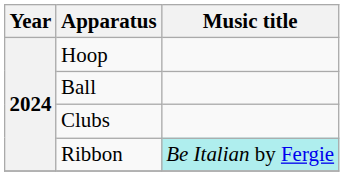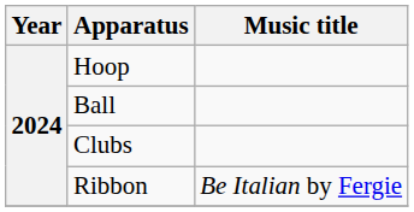 <table class="wikitable plainrowheaders">
 <tr>
 <th scope=col>Year</th>
 <th scope=col>Apparatus</th>
 <th scope=col>Music title</th>
 </tr>
 <tr>
 <th scope=row rowspan=4>2024</th>
 <td>Hoop</td>
 <td></td>
 </tr>
 <tr>
 <td>Ball</td>
 <td></td>
 </tr>
 <tr>
 <td>Clubs</td>
 <td></td>
 </tr>
 <tr>
 <td>Ribbon</td>
-<td style="background: paleturquoise;"><em>Be Italian</em> by <a href='#'>Fergie</a></td>
+<td><em>Be Italian</em> by <a href='#'>Fergie</a></td>
 </tr>
 <tr>
 </tr>
 </table>
